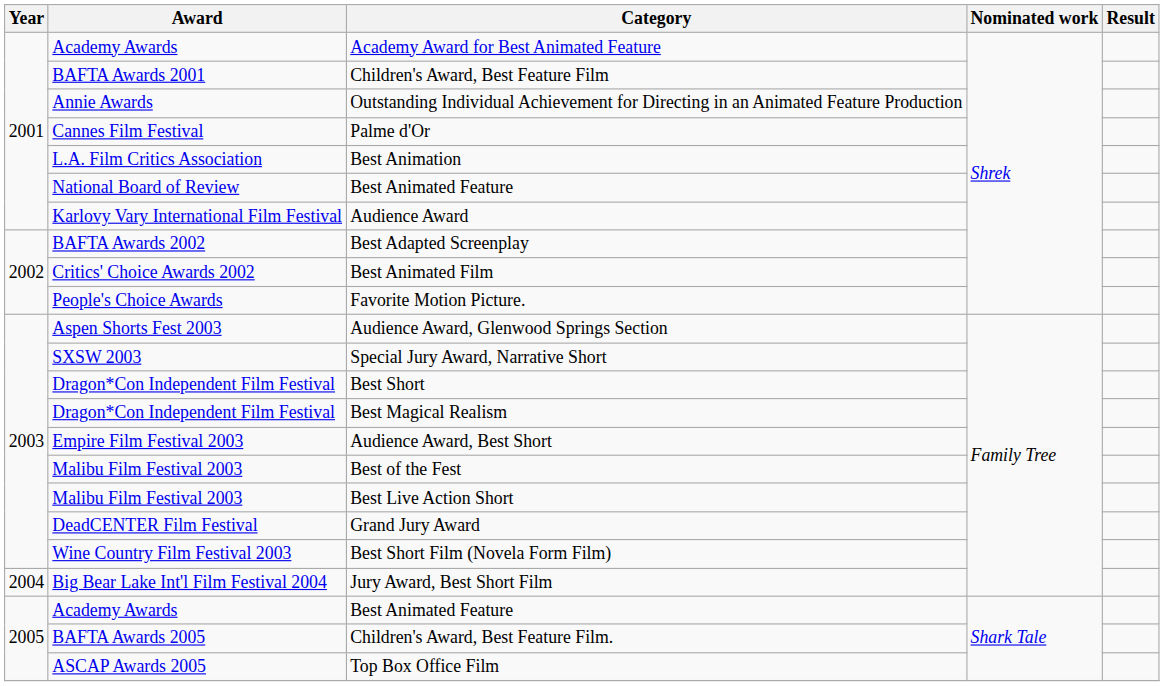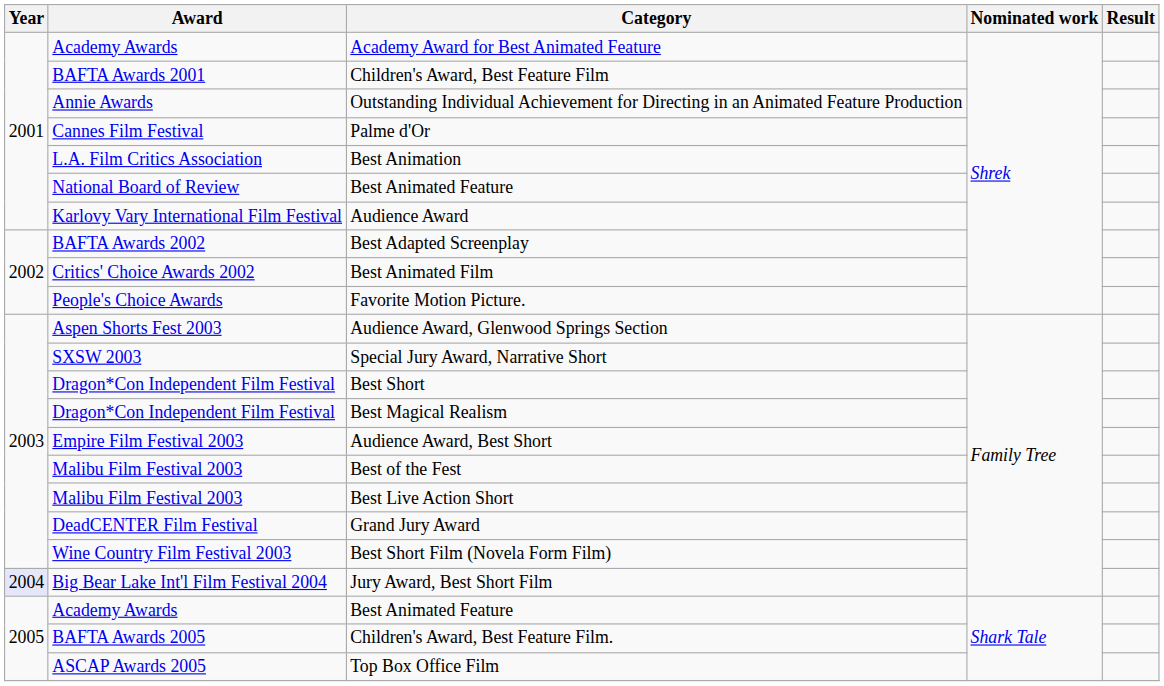 <table class="wikitable">
 <tr>
 <th>Year</th>
 <th>Award</th>
 <th>Category</th>
 <th>Nominated work</th>
 <th>Result</th>
 </tr>
 <tr>
 <td rowspan=7>2001</td>
 <td><a href='#'>Academy Awards</a></td>
 <td><a href='#'>Academy Award for Best Animated Feature</a></td>
 <td rowspan=10><em><a href='#'>Shrek</a></em></td>
 <td></td>
 </tr>
 <tr>
 <td><a href='#'>BAFTA Awards 2001</a></td>
 <td>Children's Award, Best Feature Film</td>
 <td></td>
 </tr>
 <tr>
 <td><a href='#'>Annie Awards</a></td>
 <td>Outstanding Individual Achievement for Directing in an Animated Feature Production</td>
 <td></td>
 </tr>
 <tr>
 <td><a href='#'>Cannes Film Festival</a></td>
 <td>Palme d'Or</td>
 <td></td>
 </tr>
 <tr>
 <td><a href='#'>L.A. Film Critics Association</a></td>
 <td>Best Animation</td>
 <td></td>
 </tr>
 <tr>
 <td><a href='#'>National Board of Review</a></td>
 <td>Best Animated Feature</td>
 <td></td>
 </tr>
 <tr>
 <td><a href='#'>Karlovy Vary International Film Festival</a></td>
 <td>Audience Award</td>
 <td></td>
 </tr>
 <tr>
 <td rowspan=3>2002</td>
 <td><a href='#'>BAFTA Awards 2002</a></td>
 <td>Best Adapted Screenplay</td>
 <td></td>
 </tr>
 <tr>
 <td><a href='#'>Critics' Choice Awards 2002</a></td>
 <td>Best Animated Film</td>
 <td></td>
 </tr>
 <tr>
 <td><a href='#'>People's Choice Awards</a></td>
 <td>Favorite Motion Picture.</td>
 <td></td>
 </tr>
 <tr>
 <td rowspan=9>2003</td>
 <td><a href='#'>Aspen Shorts Fest 2003</a></td>
 <td>Audience Award, Glenwood Springs Section</td>
 <td rowspan=10><em>Family Tree</em></td>
 <td></td>
 </tr>
 <tr>
 <td><a href='#'>SXSW 2003</a></td>
 <td>Special Jury Award, Narrative Short</td>
 <td></td>
 </tr>
 <tr>
 <td><a href='#'>Dragon*Con Independent Film Festival</a></td>
 <td>Best Short</td>
 <td></td>
 </tr>
 <tr>
 <td><a href='#'>Dragon*Con Independent Film Festival</a></td>
 <td>Best Magical Realism</td>
 <td></td>
 </tr>
 <tr>
 <td><a href='#'>Empire Film Festival 2003</a></td>
 <td>Audience Award, Best Short</td>
 <td></td>
 </tr>
 <tr>
 <td><a href='#'>Malibu Film Festival 2003</a></td>
 <td>Best of the Fest</td>
 <td></td>
 </tr>
 <tr>
 <td><a href='#'>Malibu Film Festival 2003</a></td>
 <td>Best Live Action Short</td>
 <td></td>
 </tr>
 <tr>
 <td><a href='#'>DeadCENTER Film Festival</a></td>
 <td>Grand Jury Award</td>
 <td></td>
 </tr>
 <tr>
 <td><a href='#'>Wine Country Film Festival 2003</a></td>
 <td>Best Short Film (Novela Form Film)</td>
 <td></td>
 </tr>
 <tr>
-<td>2004</td>
+<td style="background: lavender;">2004</td>
 <td><a href='#'>Big Bear Lake Int'l Film Festival 2004</a></td>
 <td>Jury Award, Best Short Film</td>
 <td></td>
 </tr>
 <tr>
 <td rowspan=3>2005</td>
 <td><a href='#'>Academy Awards</a></td>
 <td>Best Animated Feature</td>
 <td rowspan=3><em><a href='#'>Shark Tale</a></em></td>
 <td></td>
 </tr>
 <tr>
 <td><a href='#'>BAFTA Awards 2005</a></td>
 <td>Children's Award, Best Feature Film.</td>
 <td></td>
 </tr>
 <tr>
 <td><a href='#'>ASCAP Awards 2005</a></td>
 <td>Top Box Office Film</td>
 <td></td>
 </tr>
 <tr>
 </tr>
 </table>
